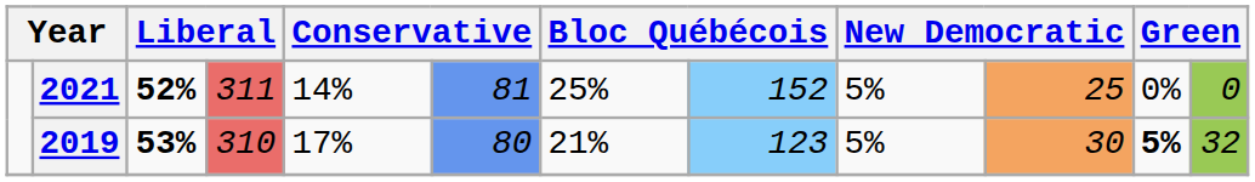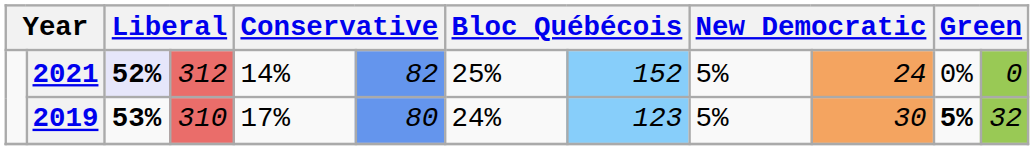 <table class="wikitable" style="float:right; width:400; font-size:90%; margin-left:1em;">
 <tr>
 <th colspan="2" scope="col">Year</th>
 <th colspan="2" scope="col"><a href='#'>Liberal</a></th>
 <th colspan="2" scope="col"><a href='#'>Conservative</a></th>
 <th colspan="2" scope="col"><a href='#'>Bloc Québécois</a></th>
 <th colspan="2" scope="col"><a href='#'>New Democratic</a></th>
 <th colspan="2" scope="col"><a href='#'>Green</a></th>
 </tr>
 <tr>
 <td rowspan="2" style="width: 0.25em; background-color: "></td>
 <th><a href='#'>2021</a></th>
-<td><strong>52%</strong></td>
-<td style="text-align:right; background:#EA6D6A;"><em>311</em></td>
+<td style="background: lavender;"><strong>52%</strong></td>
+<td style="text-align:right; background:#EA6D6A;"><em>312</em></td>
 <td>14%</td>
-<td style="text-align:right; background:#6495ED;"><em>81</em></td>
+<td style="text-align:right; background:#6495ED;"><em>82</em></td>
 <td>25%</td>
 <td style="text-align:right; background:#87CEFA;"><em>152</em></td>
 <td>5%</td>
-<td style="text-align:right; background:#F4A460;"><em>25</em></td>
+<td style="text-align:right; background:#F4A460;"><em>24</em></td>
 <td>0%</td>
 <td style="text-align:right; background:#99C955;"><em>0</em></td>
 </tr>
 <tr>
 <th><a href='#'>2019</a></th>
 <td><strong>53%</strong></td>
 <td style="text-align:right; background:#EA6D6A;"><em>310</em></td>
 <td>17%</td>
 <td style="text-align:right; background:#6495ED;"><em>80</em></td>
-<td>21%</td>
+<td>24%</td>
 <td style="text-align:right; background:#87CEFA;"><em>123</em></td>
 <td>5%</td>
 <td style="text-align:right; background:#F4A460;"><em>30</em></td>
 <td><strong>5%</strong></td>
 <td style="text-align:right; background:#99C955;"><em>32</em></td>
 </tr>
 <tr>
 </tr>
 </table>
